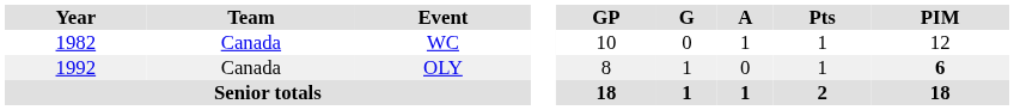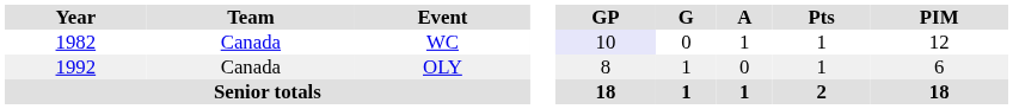 <table border="0" cellpadding="1" cellspacing="0" style="text-align:center; width:50em">
 <tr ALIGN="center" bgcolor="#e0e0e0">
 <th>Year</th>
 <th>Team</th>
 <th>Event</th>
 <th rowspan="99" bgcolor="#ffffff"> </th>
 <th>GP</th>
 <th>G</th>
 <th>A</th>
 <th>Pts</th>
 <th>PIM</th>
 </tr>
 <tr>
 <td><a href='#'>1982</a></td>
 <td><a href='#'>Canada</a></td>
 <td><a href='#'>WC</a></td>
-<td>10</td>
+<td style="background: lavender;">10</td>
 <td>0</td>
 <td>1</td>
 <td>1</td>
 <td>12</td>
 </tr>
 <tr bgcolor="#f0f0f0">
 <td><a href='#'>1992</a></td>
 <td>Canada</td>
 <td><a href='#'>OLY</a></td>
 <td>8</td>
 <td>1</td>
 <td>0</td>
 <td>1</td>
-<td><strong>6</strong></td>
+<td>6</td>
 </tr>
 <tr bgcolor="#e0e0e0">
 <th colspan=3>Senior totals</th>
 <th>18</th>
 <th>1</th>
 <th>1</th>
 <th>2</th>
 <th>18</th>
 </tr>
 </table>
